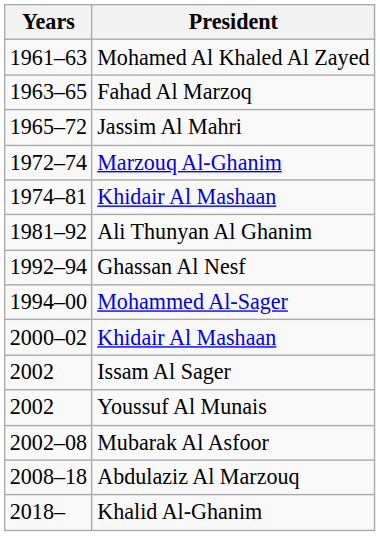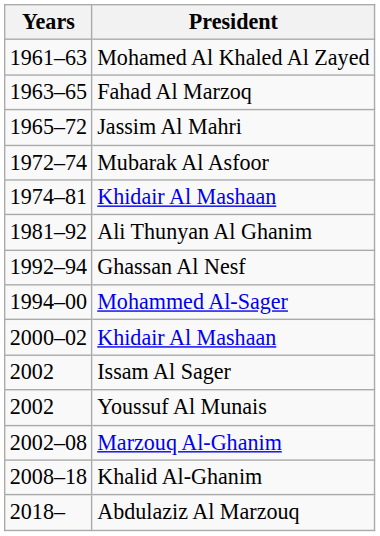 <table class="wikitable">
 <tr>
 <th>Years</th>
 <th>President</th>
 </tr>
 <tr>
 <td>1961–63</td>
 <td>Mohamed Al Khaled Al Zayed</td>
 </tr>
 <tr>
 <td>1963–65</td>
 <td>Fahad Al Marzoq</td>
 </tr>
 <tr>
 <td>1965–72</td>
 <td>Jassim Al Mahri</td>
 </tr>
 <tr>
 <td>1972–74</td>
-<td><a href='#'>Marzouq Al-Ghanim</a></td>
+<td>Mubarak Al Asfoor</td>
 </tr>
 <tr>
 <td>1974–81</td>
 <td><a href='#'>Khidair Al Mashaan</a></td>
 </tr>
 <tr>
 <td>1981–92</td>
 <td>Ali Thunyan Al Ghanim</td>
 </tr>
 <tr>
 <td>1992–94</td>
 <td>Ghassan Al Nesf</td>
 </tr>
 <tr>
 <td>1994–00</td>
 <td><a href='#'>Mohammed Al-Sager</a></td>
 </tr>
 <tr>
 <td>2000–02</td>
 <td><a href='#'>Khidair Al Mashaan</a></td>
 </tr>
 <tr>
 <td>2002</td>
 <td>Issam Al Sager</td>
 </tr>
 <tr>
 <td>2002</td>
 <td>Youssuf Al Munais</td>
 </tr>
 <tr>
 <td>2002–08</td>
-<td>Mubarak Al Asfoor</td>
+<td><a href='#'>Marzouq Al-Ghanim</a></td>
 </tr>
 <tr>
 <td>2008–18</td>
-<td>Abdulaziz Al Marzouq</td>
+<td>Khalid Al-Ghanim</td>
 </tr>
 <tr>
 <td>2018–</td>
-<td>Khalid Al-Ghanim</td>
+<td>Abdulaziz Al Marzouq</td>
 </tr>
 </table>
